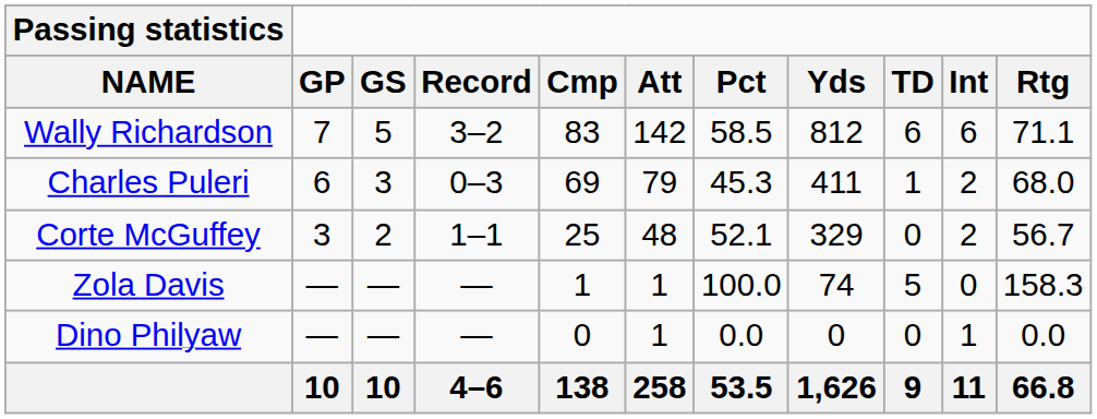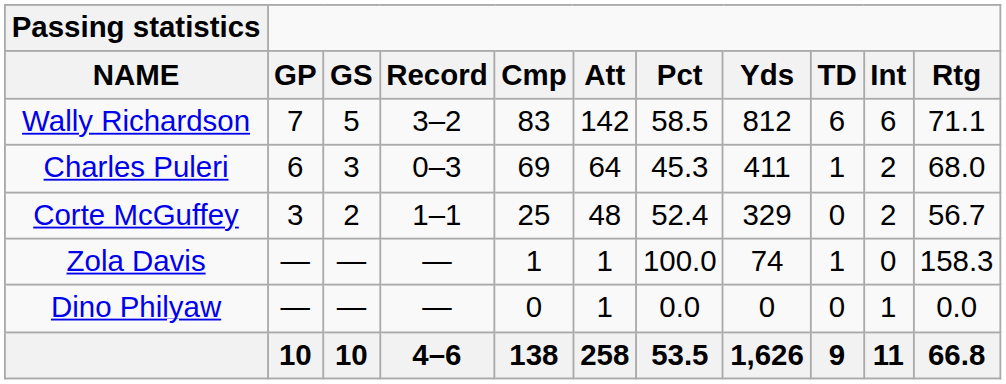 <table class="wikitable sortable" style="text-align:center;">
 <tr>
 <th style="text-align:center;">Passing statistics</th>
 </tr>
 <tr>
 <th>NAME</th>
 <th>GP</th>
 <th>GS</th>
 <th>Record</th>
 <th>Cmp</th>
 <th>Att</th>
 <th>Pct</th>
 <th>Yds</th>
 <th>TD</th>
 <th>Int</th>
 <th>Rtg</th>
 </tr>
 <tr>
 <td><a href='#'>Wally Richardson</a></td>
 <td>7</td>
 <td>5</td>
 <td>3–2</td>
 <td>83</td>
 <td>142</td>
 <td>58.5</td>
 <td>812</td>
 <td>6</td>
 <td>6</td>
 <td>71.1</td>
 </tr>
 <tr>
 <td><a href='#'>Charles Puleri</a></td>
 <td>6</td>
 <td>3</td>
 <td>0–3</td>
 <td>69</td>
-<td>79</td>
+<td>64</td>
 <td>45.3</td>
 <td>411</td>
 <td>1</td>
 <td>2</td>
 <td>68.0</td>
 </tr>
 <tr>
 <td><a href='#'>Corte McGuffey</a></td>
 <td>3</td>
 <td>2</td>
 <td>1–1</td>
 <td>25</td>
 <td>48</td>
-<td>52.1</td>
+<td>52.4</td>
 <td>329</td>
 <td>0</td>
 <td>2</td>
 <td>56.7</td>
 </tr>
 <tr>
 <td><a href='#'>Zola Davis</a></td>
 <td>—</td>
 <td>—</td>
 <td>—</td>
 <td>1</td>
 <td>1</td>
 <td>100.0</td>
 <td>74</td>
-<td>5</td>
+<td>1</td>
 <td>0</td>
 <td>158.3</td>
 </tr>
 <tr>
 <td><a href='#'>Dino Philyaw</a></td>
 <td>—</td>
 <td>—</td>
 <td>—</td>
 <td>0</td>
 <td>1</td>
 <td>0.0</td>
 <td>0</td>
 <td>0</td>
 <td>1</td>
 <td>0.0</td>
 </tr>
 <tr>
 <th colspan="1"></th>
 <th>10</th>
 <th>10</th>
 <th>4–6</th>
 <th>138</th>
 <th>258</th>
 <th>53.5</th>
 <th>1,626</th>
 <th>9</th>
 <th>11</th>
 <th>66.8</th>
 </tr>
 </table>
